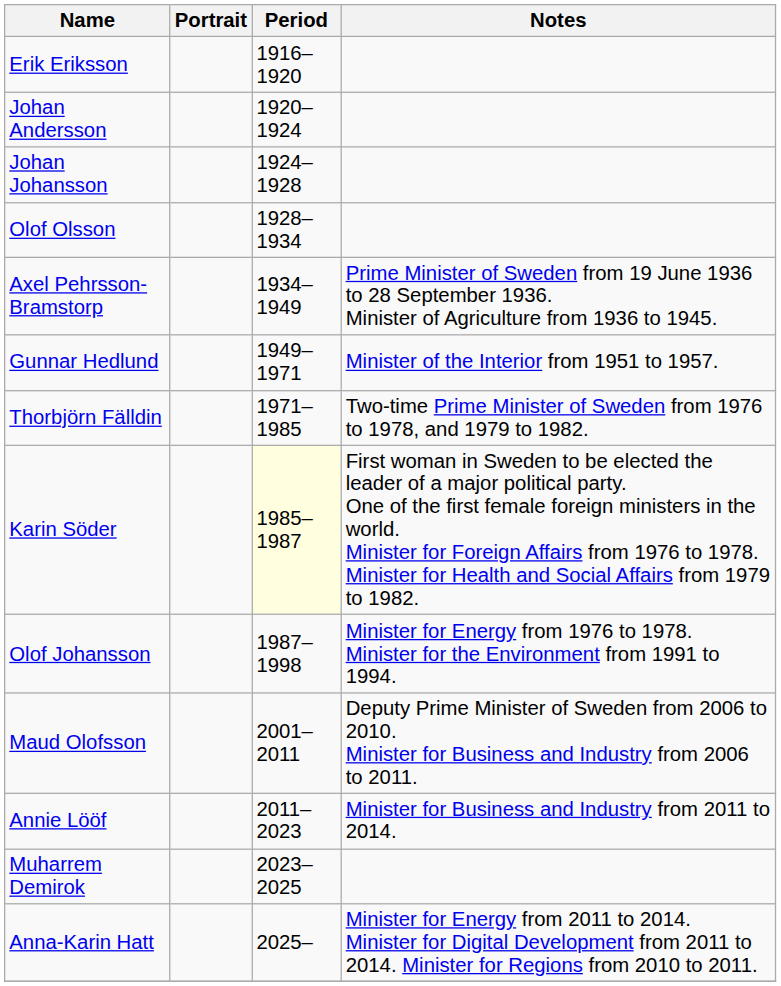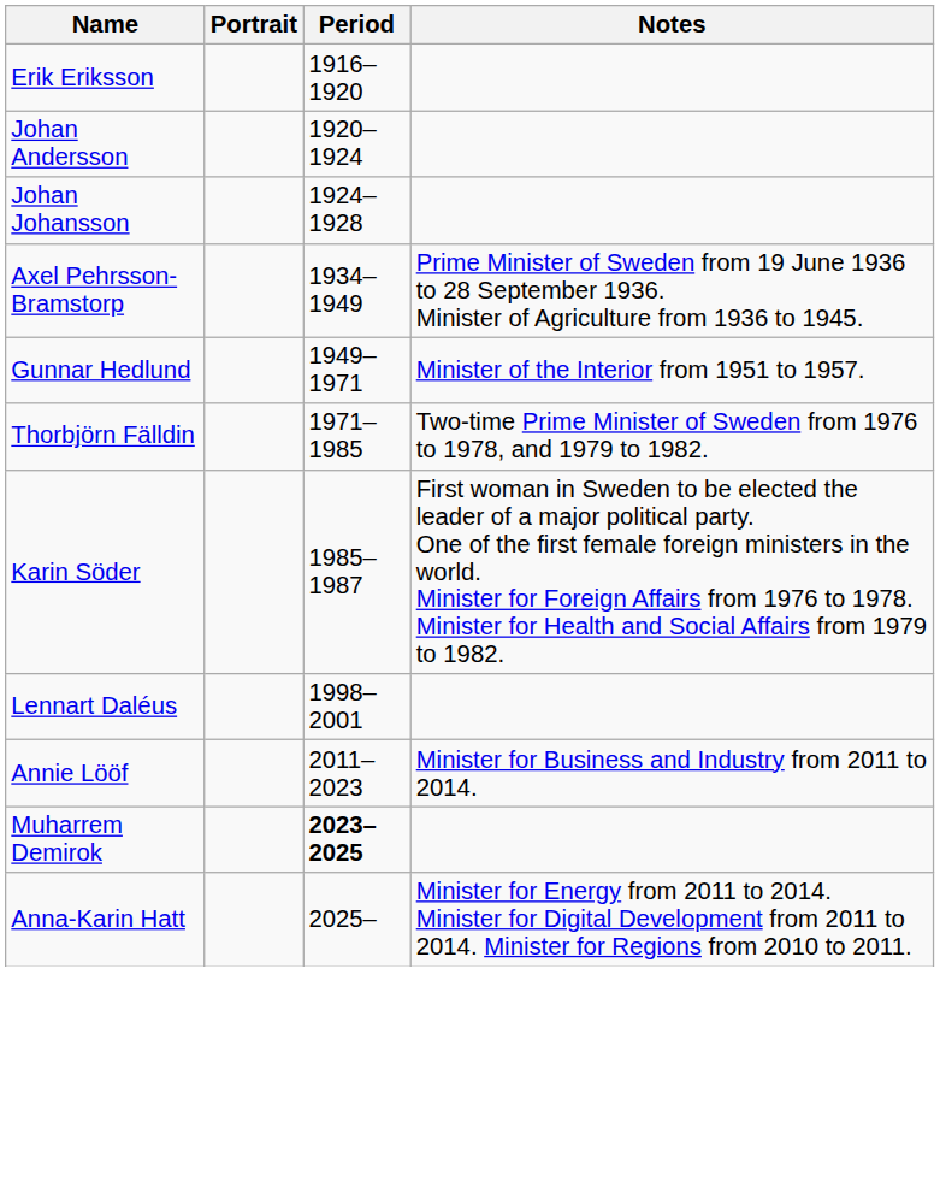 <table class="wikitable">
 <tr>
 <th>Name</th>
 <th>Portrait</th>
 <th>Period</th>
 <th>Notes</th>
 </tr>
 <tr>
 <td><a href='#'>Erik Eriksson</a></td>
 <td></td>
 <td>1916–1920</td>
 <td></td>
 </tr>
 <tr>
 <td><a href='#'>Johan Andersson</a></td>
 <td></td>
 <td>1920–1924</td>
 <td></td>
 </tr>
 <tr>
 <td><a href='#'>Johan Johansson</a></td>
 <td></td>
 <td>1924–1928</td>
 <td></td>
 </tr>
 <tr>
-<td><a href='#'>Olof Olsson</a></td>
-<td></td>
-<td>1928–1934</td>
-<td></td>
-</tr>
-<tr>
 <td><a href='#'>Axel Pehrsson-Bramstorp</a></td>
 <td></td>
 <td>1934–1949</td>
 <td><a href='#'>Prime Minister of Sweden</a> from 19 June 1936 to 28 September 1936.<br>Minister of Agriculture from 1936 to 1945.</td>
 </tr>
 <tr>
 <td><a href='#'>Gunnar Hedlund</a></td>
 <td></td>
 <td>1949–1971</td>
 <td><a href='#'>Minister of the Interior</a> from 1951 to 1957.</td>
 </tr>
 <tr>
 <td><a href='#'>Thorbjörn Fälldin</a></td>
 <td></td>
 <td>1971–1985</td>
 <td>Two-time <a href='#'>Prime Minister of Sweden</a> from 1976 to 1978, and 1979 to 1982.</td>
 </tr>
 <tr>
 <td><a href='#'>Karin Söder</a></td>
 <td></td>
-<td style="background: lightyellow;">1985–1987</td>
+<td>1985–1987</td>
 <td>First woman in Sweden to be elected the leader of a major political party.<br>One of the first female foreign ministers in the world.<br><a href='#'>Minister for Foreign Affairs</a> from 1976 to 1978.<br><a href='#'>Minister for Health and Social Affairs</a> from 1979 to 1982.</td>
 </tr>
 <tr>
-<td><a href='#'>Olof Johansson</a></td>
+<td><a href='#'>Lennart Daléus</a></td>
 <td></td>
-<td>1987–1998</td>
-<td><a href='#'>Minister for Energy</a> from 1976 to 1978.<br><a href='#'>Minister for the Environment</a> from 1991 to 1994.</td>
-</tr>
-<tr>
-<td><a href='#'>Maud Olofsson</a></td>
+<td>1998–2001</td>
 <td></td>
-<td>2001–2011</td>
-<td>Deputy Prime Minister of Sweden from 2006 to 2010.<br><a href='#'>Minister for Business and Industry</a> from 2006 to 2011.</td>
 </tr>
 <tr>
 <td><a href='#'>Annie Lööf</a></td>
 <td></td>
 <td>2011–2023</td>
 <td><a href='#'>Minister for Business and Industry</a> from 2011 to 2014.</td>
 </tr>
 <tr>
 <td><a href='#'>Muharrem Demirok</a></td>
 <td></td>
-<td>2023–2025</td>
+<td><strong>2023–2025</strong></td>
 <td></td>
 </tr>
 <tr>
 <td><a href='#'>Anna-Karin Hatt</a></td>
 <td></td>
 <td>2025–</td>
 <td><a href='#'>Minister for Energy</a> from 2011 to 2014.<br><a href='#'>Minister for Digital Development</a> from 2011 to 2014. <a href='#'>Minister for Regions</a> from 2010 to 2011.</td>
 </tr>
 <tr>
 </tr>
 </table>
